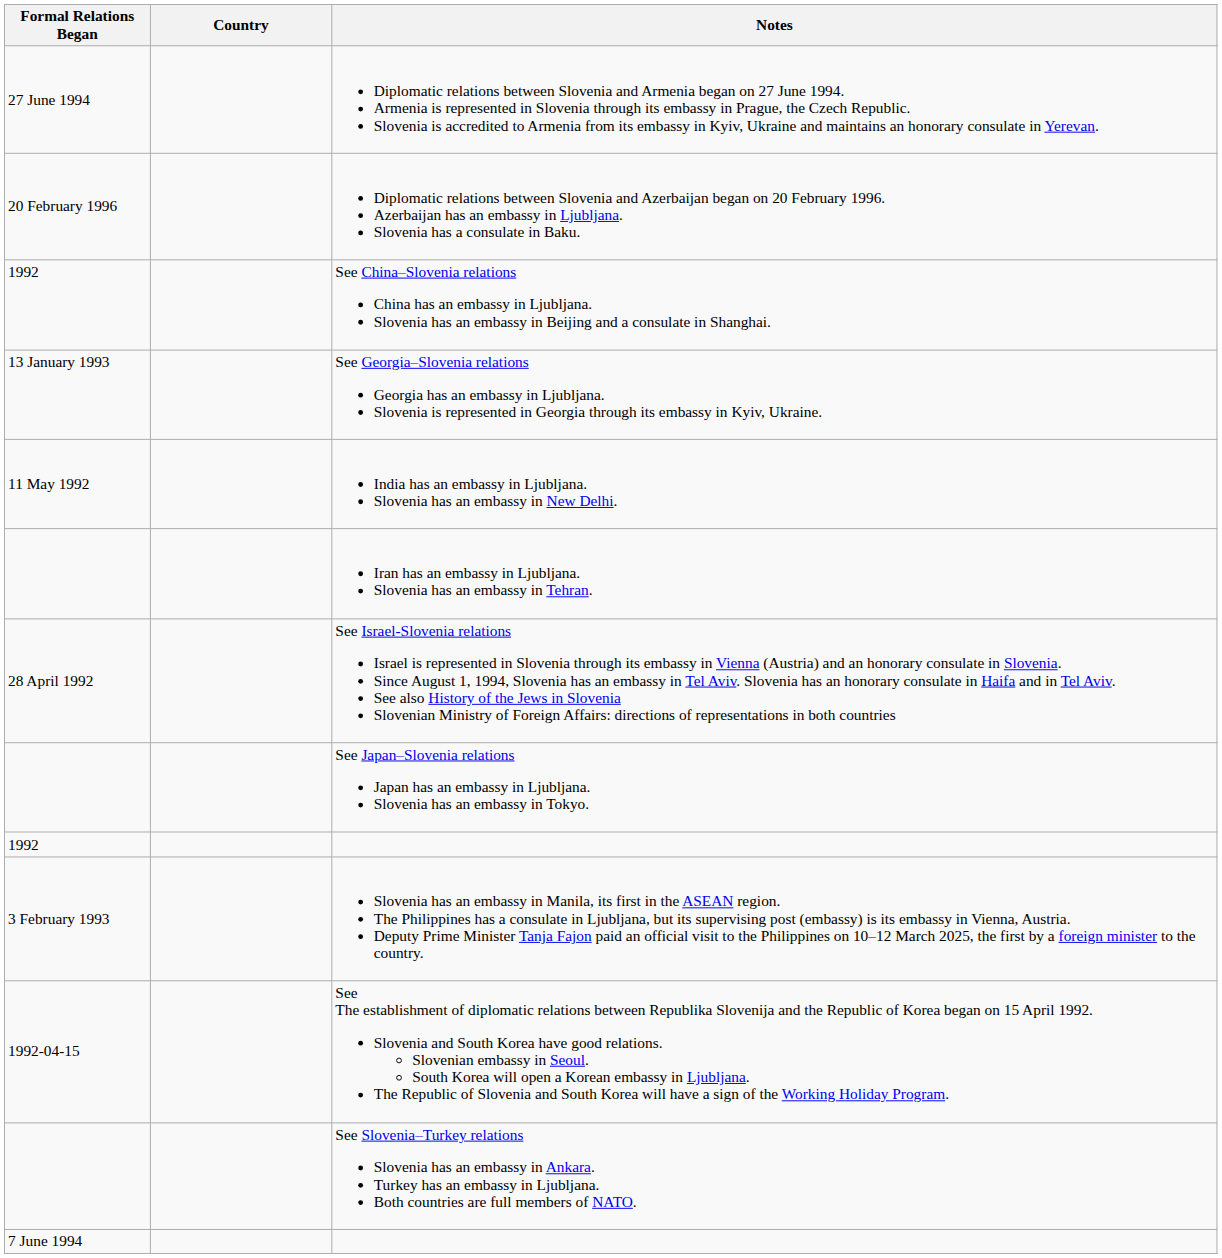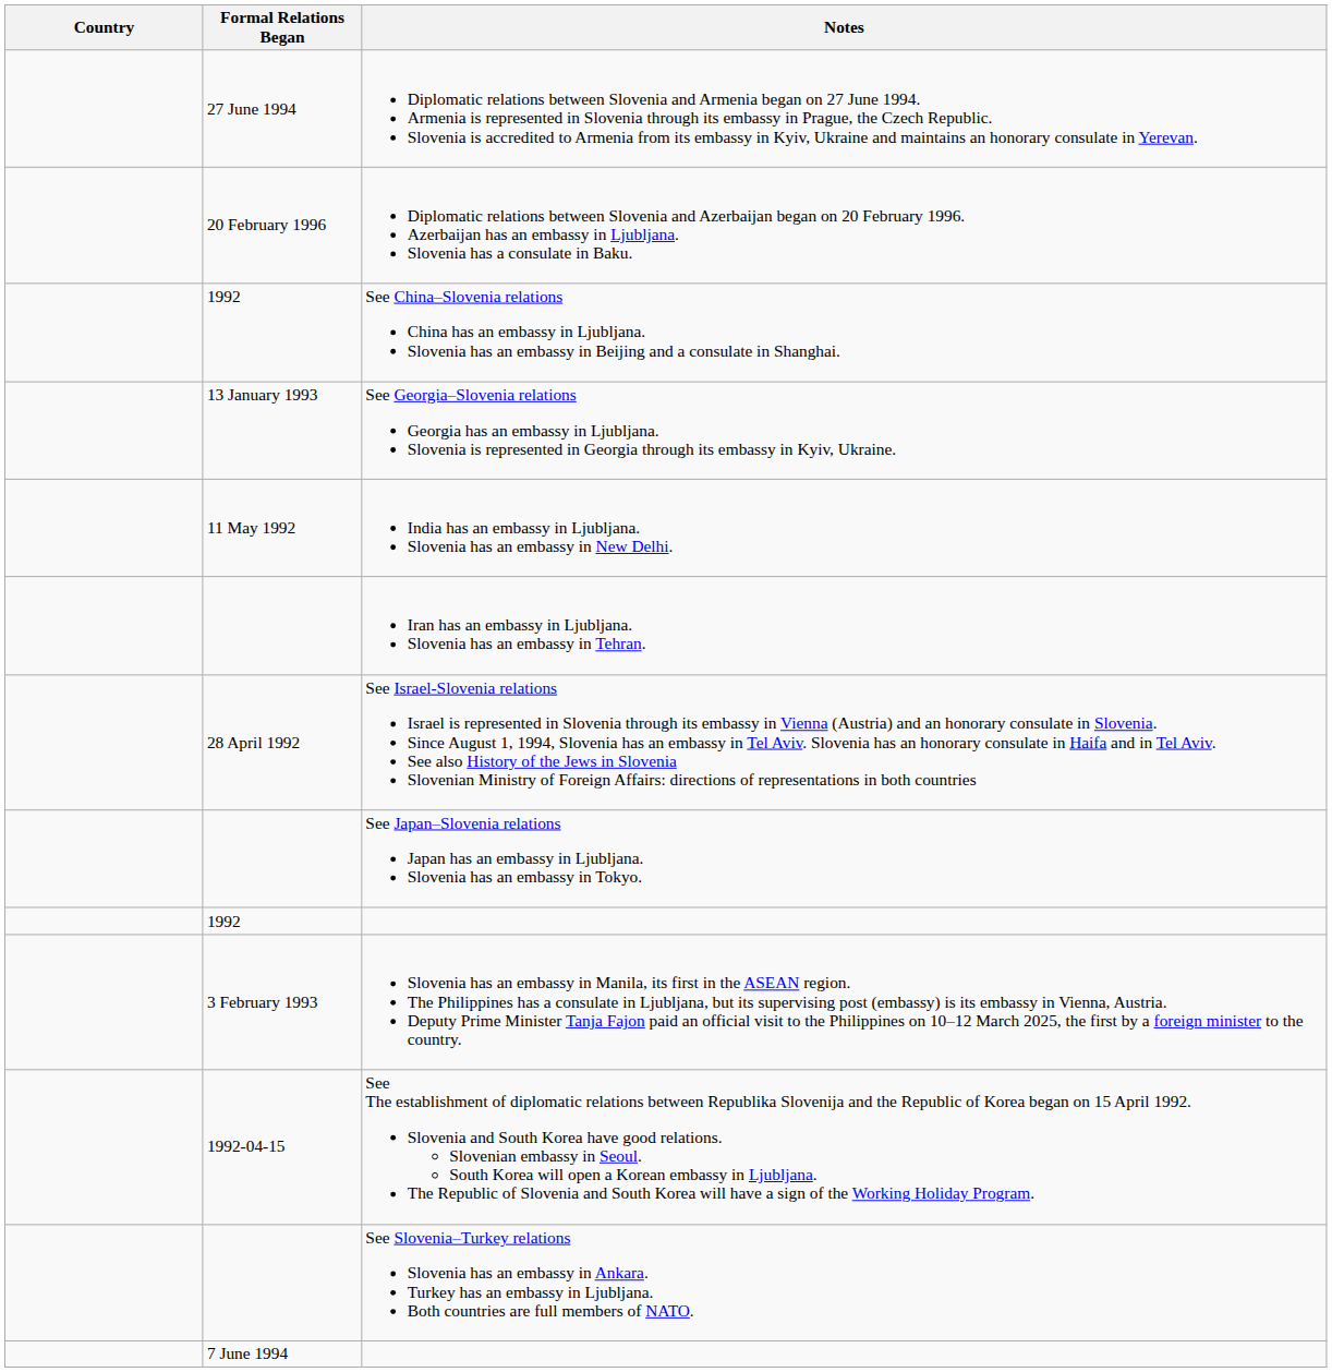 <table class="wikitable sortable" border="1" style="width:100%; margin:auto;">
 <tr>
+<th width="15%">Country</th>
 <th width="12%">Formal Relations Began</th>
-<th width="15%">Country</th>
 <th>Notes</th>
 </tr>
 <tr -valign="top">
+<td></td>
 <td>27 June 1994</td>
-<td></td>
 <td><br><ul><li>Diplomatic relations between Slovenia and Armenia began on 27 June 1994.</li><li>Armenia is represented in Slovenia through its embassy in Prague, the Czech Republic.</li><li>Slovenia is accredited to Armenia from its embassy in Kyiv, Ukraine and maintains an honorary consulate in <a href='#'>Yerevan</a>.</li></ul></td>
 </tr>
 <tr>
+<td></td>
 <td>20 February 1996</td>
-<td></td>
 <td><br><ul><li>Diplomatic relations between Slovenia and Azerbaijan began on 20 February 1996.</li><li>Azerbaijan has an embassy in <a href='#'>Ljubljana</a>.</li><li>Slovenia has a consulate in Baku.</li></ul></td>
 </tr>
 <tr valign="top">
+<td></td>
 <td>1992</td>
-<td></td>
 <td>See <a href='#'>China–Slovenia relations</a><br><ul><li>China has an embassy in Ljubljana.</li><li>Slovenia has an embassy in Beijing and a consulate in Shanghai.</li></ul></td>
 </tr>
 <tr valign="top">
+<td></td>
 <td>13 January 1993</td>
-<td></td>
 <td>See <a href='#'>Georgia–Slovenia relations</a><br><ul><li>Georgia has an embassy in Ljubljana.</li><li>Slovenia is represented in Georgia through its embassy in Kyiv, Ukraine.</li></ul></td>
 </tr>
 <tr -valign="top">
+<td></td>
 <td>11 May 1992</td>
-<td></td>
 <td><br><ul><li>India has an embassy in Ljubljana.</li><li>Slovenia has an embassy in <a href='#'>New Delhi</a>.</li></ul></td>
 </tr>
 <tr valign="top">
 <td></td>
 <td></td>
 <td><br><ul><li>Iran has an embassy in Ljubljana.</li><li>Slovenia has an embassy in <a href='#'>Tehran</a>.</li></ul></td>
 </tr>
 <tr -valign="top">
+<td></td>
 <td>28 April 1992</td>
-<td></td>
 <td>See <a href='#'>Israel-Slovenia relations</a><br><ul><li>Israel is represented in Slovenia through its embassy in <a href='#'>Vienna</a> (Austria) and an honorary consulate in <a href='#'>Slovenia</a>.</li><li>Since August 1, 1994, Slovenia has an embassy in <a href='#'>Tel Aviv</a>. Slovenia has an honorary consulate in <a href='#'>Haifa</a> and in <a href='#'>Tel Aviv</a>.</li><li>See also <a href='#'>History of the Jews in Slovenia</a></li><li>Slovenian Ministry of Foreign Affairs: directions of representations in both countries</li></ul></td>
 </tr>
 <tr valign="top">
 <td></td>
 <td></td>
 <td>See <a href='#'>Japan–Slovenia relations</a><br><ul><li>Japan has an embassy in Ljubljana.</li><li>Slovenia has an embassy in Tokyo.</li></ul></td>
 </tr>
 <tr -valign="top">
+<td></td>
 <td>1992</td>
-<td></td>
 <td></td>
 </tr>
 <tr -valign="top">
+<td></td>
 <td>3 February 1993</td>
-<td></td>
 <td><br><ul><li>Slovenia has an embassy in Manila, its first in the <a href='#'>ASEAN</a> region.</li><li>The Philippines has a consulate in Ljubljana, but its supervising post (embassy) is its embassy in Vienna, Austria.</li><li>Deputy Prime Minister <a href='#'>Tanja Fajon</a> paid an official visit to the Philippines on 10–12 March 2025, the first by a <a href='#'>foreign minister</a> to the country.</li></ul></td>
 </tr>
 <tr -valign="top">
+<td></td>
 <td>1992-04-15</td>
-<td></td>
 <td>See <br>The establishment of diplomatic relations between Republika Slovenija and the Republic of Korea began on 15 April 1992.<ul><li>Slovenia and South Korea have good relations.<ul><li>Slovenian embassy in <a href='#'>Seoul</a>.</li><li>South Korea will open a Korean embassy in <a href='#'>Ljubljana</a>.</li></ul></li><li>The Republic of Slovenia and South Korea will have a sign of the <a href='#'>Working Holiday Program</a>.</li></ul></td>
 </tr>
 <tr -valign="top">
 <td></td>
 <td></td>
 <td>See <a href='#'>Slovenia–Turkey relations</a><br><ul><li>Slovenia has an embassy in <a href='#'>Ankara</a>.</li><li>Turkey has an embassy in Ljubljana.</li><li>Both countries are full members of <a href='#'>NATO</a>.</li></ul></td>
 </tr>
 <tr valign="top">
+<td></td>
 <td>7 June 1994</td>
-<td></td>
 <td></td>
 </tr>
 </table>
